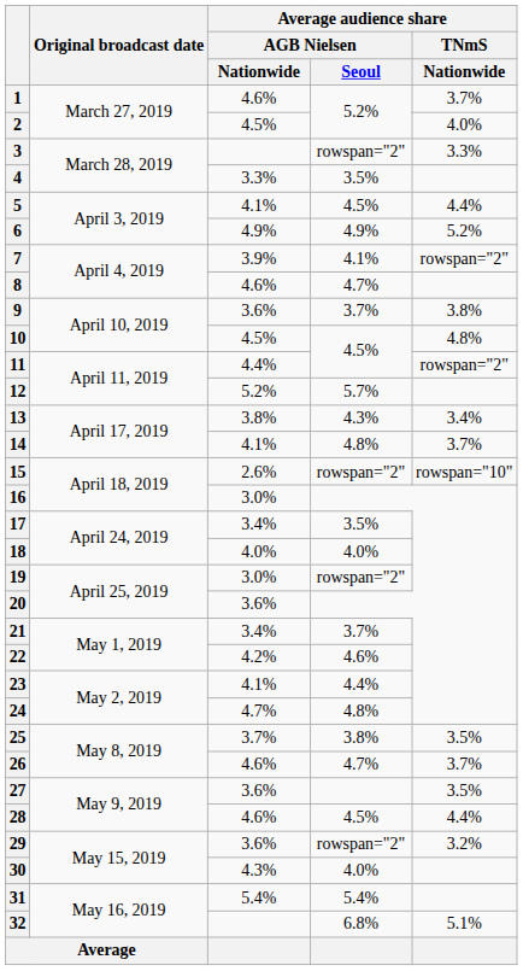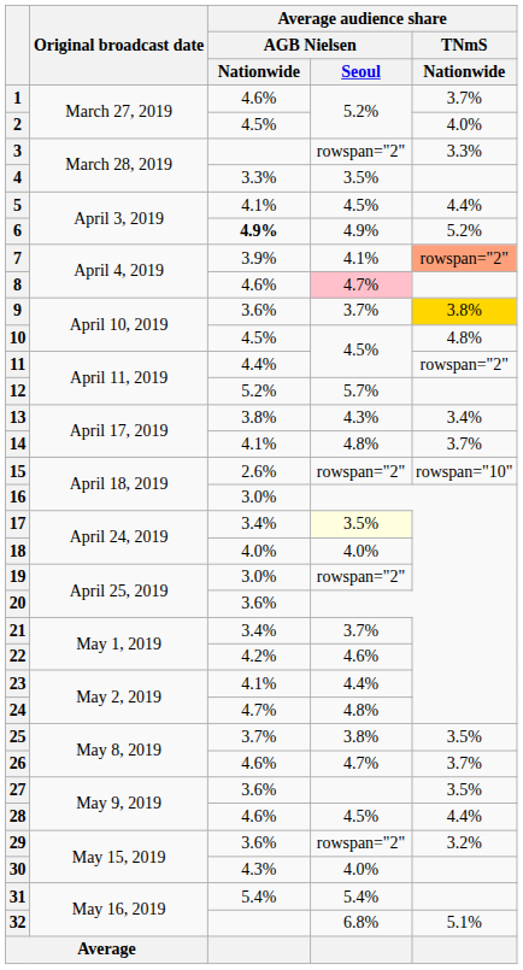 <table class="wikitable" style="text-align:center">
 <tr>
 <th rowspan="3"></th>
 <th rowspan="3">Original broadcast date</th>
 <th colspan="3">Average audience share</th>
 </tr>
 <tr>
 <th colspan="2">AGB Nielsen</th>
 <th colspan="1">TNmS</th>
 </tr>
 <tr>
 <th width="90">Nationwide</th>
 <th width="90"><a href='#'>Seoul</a></th>
 <th width="90">Nationwide</th>
 </tr>
 <tr>
 <th>1</th>
 <td rowspan="2">March 27, 2019</td>
 <td>4.6%</td>
 <td rowspan="2">5.2%</td>
 <td>3.7%</td>
 </tr>
 <tr>
 <th>2</th>
 <td>4.5%</td>
 <td>4.0%</td>
 </tr>
 <tr>
 <th>3</th>
 <td rowspan="2">March 28, 2019</td>
 <td></td>
 <td>rowspan="2" </td>
 <td>3.3%</td>
 </tr>
 <tr>
 <th>4</th>
 <td>3.3%</td>
 <td>3.5%</td>
 </tr>
 <tr>
 <th>5</th>
 <td rowspan="2">April 3, 2019</td>
 <td>4.1%</td>
 <td>4.5%</td>
 <td>4.4%</td>
 </tr>
 <tr>
 <th>6</th>
-<td>4.9%</td>
+<td><strong>4.9%</strong></td>
 <td>4.9%</td>
 <td>5.2%</td>
 </tr>
 <tr>
 <th>7</th>
 <td rowspan="2">April 4, 2019</td>
 <td>3.9%</td>
 <td>4.1%</td>
-<td>rowspan="2" </td>
+<td style="background: lightsalmon;">rowspan="2" </td>
 </tr>
 <tr>
 <th>8</th>
 <td>4.6%</td>
-<td>4.7%</td>
+<td style="background: pink;">4.7%</td>
 </tr>
 <tr>
 <th>9</th>
 <td rowspan="2">April 10, 2019</td>
 <td>3.6%</td>
 <td>3.7%</td>
-<td>3.8%</td>
+<td style="background: gold;">3.8%</td>
 </tr>
 <tr>
 <th>10</th>
 <td>4.5%</td>
 <td rowspan="2">4.5%</td>
 <td>4.8%</td>
 </tr>
 <tr>
 <th>11</th>
 <td rowspan="2">April 11, 2019</td>
 <td>4.4%</td>
 <td>rowspan="2" </td>
 </tr>
 <tr>
 <th>12</th>
 <td>5.2%</td>
 <td>5.7%</td>
 </tr>
 <tr>
 <th>13</th>
 <td rowspan="2">April 17, 2019</td>
 <td>3.8%</td>
 <td>4.3%</td>
 <td>3.4%</td>
 </tr>
 <tr>
 <th>14</th>
 <td>4.1%</td>
 <td>4.8%</td>
 <td>3.7%</td>
 </tr>
 <tr>
 <th>15</th>
 <td rowspan="2">April 18, 2019</td>
 <td>2.6%</td>
 <td>rowspan="2" </td>
 <td>rowspan="10" </td>
 </tr>
 <tr>
 <th>16</th>
 <td>3.0%</td>
 </tr>
 <tr>
 <th>17</th>
 <td rowspan="2">April 24, 2019</td>
 <td>3.4%</td>
-<td>3.5%</td>
+<td style="background: lightyellow;">3.5%</td>
 </tr>
 <tr>
 <th>18</th>
 <td>4.0%</td>
 <td>4.0%</td>
 </tr>
 <tr>
 <th>19</th>
 <td rowspan="2">April 25, 2019</td>
 <td>3.0%</td>
 <td>rowspan="2" </td>
 </tr>
 <tr>
 <th>20</th>
 <td>3.6%</td>
 </tr>
 <tr>
 <th>21</th>
 <td rowspan="2">May 1, 2019</td>
 <td>3.4%</td>
 <td>3.7%</td>
 </tr>
 <tr>
 <th>22</th>
 <td>4.2%</td>
 <td>4.6%</td>
 </tr>
 <tr>
 <th>23</th>
 <td rowspan="2">May 2, 2019</td>
 <td>4.1%</td>
 <td>4.4%</td>
 </tr>
 <tr>
 <th>24</th>
 <td>4.7%</td>
 <td>4.8%</td>
 </tr>
 <tr>
 <th>25</th>
 <td rowspan="2">May 8, 2019</td>
 <td>3.7%</td>
 <td>3.8%</td>
 <td>3.5%</td>
 </tr>
 <tr>
 <th>26</th>
 <td>4.6%</td>
 <td>4.7%</td>
 <td>3.7%</td>
 </tr>
 <tr>
 <th>27</th>
 <td rowspan="2">May 9, 2019</td>
 <td>3.6%</td>
 <td></td>
 <td>3.5%</td>
 </tr>
 <tr>
 <th>28</th>
 <td>4.6%</td>
 <td>4.5%</td>
 <td>4.4%</td>
 </tr>
 <tr>
 <th>29</th>
 <td rowspan="2">May 15, 2019</td>
 <td>3.6%</td>
 <td>rowspan="2" </td>
 <td>3.2%</td>
 </tr>
 <tr>
 <th>30</th>
 <td>4.3%</td>
 <td>4.0%</td>
 </tr>
 <tr>
 <th>31</th>
 <td rowspan="2">May 16, 2019</td>
 <td>5.4%</td>
 <td>5.4%</td>
 <td></td>
 </tr>
 <tr>
 <th>32</th>
 <td></td>
 <td>6.8%</td>
 <td>5.1%</td>
 </tr>
 <tr>
 <th colspan="2">Average</th>
 <th></th>
 <th></th>
 <th></th>
 </tr>
 </table>
